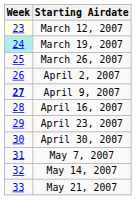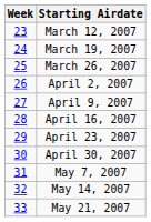 <table class="wikitable" style="text-align: center">
 <tr>
 <th>Week</th>
 <th>Starting Airdate</th>
 </tr>
 <tr>
-<td style="background: lightyellow;"><a href='#'>23</a></td>
+<td><a href='#'>23</a></td>
 <td>March 12, 2007</td>
 </tr>
 <tr>
-<td style="background: paleturquoise;"><a href='#'>24</a></td>
+<td><a href='#'>24</a></td>
 <td>March 19, 2007</td>
 </tr>
 <tr>
 <td><a href='#'>25</a></td>
 <td>March 26, 2007</td>
 </tr>
 <tr>
 <td><a href='#'>26</a></td>
 <td>April 2, 2007</td>
 </tr>
 <tr>
-<td><strong><a href='#'>27</a></strong></td>
+<td><a href='#'>27</a></td>
 <td>April 9, 2007</td>
 </tr>
 <tr>
 <td><a href='#'>28</a></td>
 <td>April 16, 2007</td>
 </tr>
 <tr>
 <td><a href='#'>29</a></td>
 <td>April 23, 2007</td>
 </tr>
 <tr>
 <td><a href='#'>30</a></td>
 <td>April 30, 2007</td>
 </tr>
 <tr>
 <td><a href='#'>31</a></td>
 <td>May 7, 2007</td>
 </tr>
 <tr>
 <td><a href='#'>32</a></td>
 <td>May 14, 2007</td>
 </tr>
 <tr>
 <td><a href='#'>33</a></td>
 <td>May 21, 2007</td>
 </tr>
 </table>
